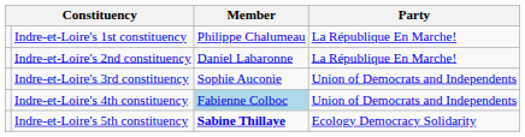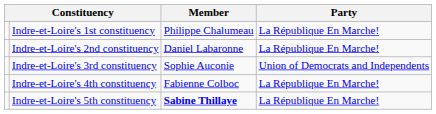 <table class="wikitable">
 <tr>
 <th colspan="2">Constituency</th>
 <th>Member</th>
 <th>Party</th>
 </tr>
 <tr>
 <td style="background-color: "></td>
 <td><a href='#'>Indre-et-Loire's 1st constituency</a></td>
 <td><a href='#'>Philippe Chalumeau</a></td>
 <td><a href='#'>La République En Marche!</a></td>
 </tr>
 <tr>
 <td style="background-color: "></td>
 <td><a href='#'>Indre-et-Loire's 2nd constituency</a></td>
 <td><a href='#'>Daniel Labaronne</a></td>
 <td><a href='#'>La République En Marche!</a></td>
 </tr>
 <tr>
 <td style="background-color: "></td>
 <td><a href='#'>Indre-et-Loire's 3rd constituency</a></td>
 <td><a href='#'>Sophie Auconie</a></td>
 <td><a href='#'>Union of Democrats and Independents</a></td>
 </tr>
 <tr>
 <td style="background-color: "></td>
 <td><a href='#'>Indre-et-Loire's 4th constituency</a></td>
-<td style="background: lightblue;"><a href='#'>Fabienne Colboc</a></td>
-<td><a href='#'>Union of Democrats and Independents</a></td>
+<td><a href='#'>Fabienne Colboc</a></td>
+<td><a href='#'>La République En Marche!</a></td>
 </tr>
 <tr>
 <td style="background-color: "></td>
 <td><a href='#'>Indre-et-Loire's 5th constituency</a></td>
 <td><strong><a href='#'>Sabine Thillaye</a></strong></td>
-<td><a href='#'>Ecology Democracy Solidarity</a></td>
+<td><a href='#'>La République En Marche!</a></td>
 </tr>
 </table>
